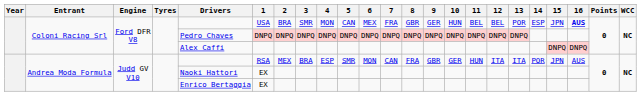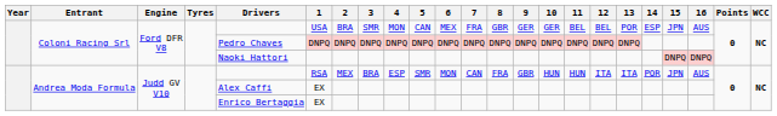 <table class="wikitable" style="text-align:center; font-size:90%">
 <tr>
 <th>Year</th>
 <th>Entrant</th>
 <th>Engine</th>
 <th>Tyres</th>
 <th>Drivers</th>
 <th>1</th>
 <th>2</th>
 <th>3</th>
 <th>4</th>
 <th>5</th>
 <th>6</th>
 <th>7</th>
 <th>8</th>
 <th>9</th>
 <th>10</th>
 <th>11</th>
 <th>12</th>
 <th>13</th>
 <th>14</th>
 <th>15</th>
 <th>16</th>
 <th>Points</th>
 <th>WCC</th>
 </tr>
 <tr>
 <th rowspan="3"></th>
 <td rowspan="3"><a href='#'>Coloni Racing Srl</a></td>
 <td rowspan="3"><a href='#'>Ford</a> DFR<br><a href='#'>V8</a></td>
 <td rowspan="3"></td>
 <td></td>
 <td><a href='#'>USA</a></td>
 <td><a href='#'>BRA</a></td>
 <td><a href='#'>SMR</a></td>
 <td><a href='#'>MON</a></td>
 <td><a href='#'>CAN</a></td>
 <td><a href='#'>MEX</a></td>
 <td><a href='#'>FRA</a></td>
 <td><a href='#'>GBR</a></td>
 <td><a href='#'>GER</a></td>
-<td><a href='#'>HUN</a></td>
+<td><a href='#'>GER</a></td>
 <td><a href='#'>BEL</a></td>
 <td><a href='#'>BEL</a></td>
 <td><a href='#'>POR</a></td>
 <td><a href='#'>ESP</a></td>
 <td><a href='#'>JPN</a></td>
-<td><strong><a href='#'>AUS</a></strong></td>
+<td><a href='#'>AUS</a></td>
 <td rowspan="3"><strong>0</strong></td>
 <td rowspan="3"><strong>NC</strong></td>
 </tr>
 <tr>
 <td align="left"><a href='#'>Pedro Chaves</a></td>
 <td style="background:#ffcfcf;">DNPQ</td>
 <td style="background:#ffcfcf;">DNPQ</td>
 <td style="background:#ffcfcf;">DNPQ</td>
 <td style="background:#ffcfcf;">DNPQ</td>
 <td style="background:#ffcfcf;">DNPQ</td>
 <td style="background:#ffcfcf;">DNPQ</td>
 <td style="background:#ffcfcf;">DNPQ</td>
 <td style="background:#ffcfcf;">DNPQ</td>
 <td style="background:#ffcfcf;">DNPQ</td>
 <td style="background:#ffcfcf;">DNPQ</td>
 <td style="background:#ffcfcf;">DNPQ</td>
 <td style="background:#ffcfcf;">DNPQ</td>
 <td style="background:#ffcfcf;">DNPQ</td>
 <td></td>
 <td></td>
 <td></td>
 </tr>
 <tr>
-<td align="left"><a href='#'>Alex Caffi</a></td>
+<td align="left"><a href='#'>Naoki Hattori</a></td>
 <td></td>
 <td></td>
 <td></td>
 <td></td>
 <td></td>
 <td></td>
 <td></td>
 <td></td>
 <td></td>
 <td></td>
 <td></td>
 <td></td>
 <td></td>
 <td></td>
 <td style="background:#ffcfcf;">DNPQ</td>
 <td style="background:#ffcfcf;">DNPQ</td>
 </tr>
 <tr>
 <th rowspan="3"></th>
 <td rowspan="3"><a href='#'>Andrea Moda Formula</a></td>
 <td rowspan="3"><a href='#'>Judd</a> GV<br><a href='#'>V10</a></td>
 <td rowspan="3"></td>
 <td></td>
 <td><a href='#'>RSA</a></td>
 <td><a href='#'>MEX</a></td>
 <td><a href='#'>BRA</a></td>
 <td><a href='#'>ESP</a></td>
 <td><a href='#'>SMR</a></td>
 <td><a href='#'>MON</a></td>
 <td><a href='#'>CAN</a></td>
 <td><a href='#'>FRA</a></td>
 <td><a href='#'>GBR</a></td>
-<td><a href='#'>GER</a></td>
+<td><a href='#'>HUN</a></td>
 <td><a href='#'>HUN</a></td>
 <td><a href='#'>ITA</a></td>
 <td><a href='#'>ITA</a></td>
 <td><a href='#'>POR</a></td>
 <td><a href='#'>JPN</a></td>
 <td><a href='#'>AUS</a></td>
 <td rowspan="3"><strong>0</strong></td>
 <td rowspan="3"><strong>NC</strong></td>
 </tr>
 <tr>
-<td align="left"><a href='#'>Naoki Hattori</a></td>
+<td align="left"><a href='#'>Alex Caffi</a></td>
 <td>EX</td>
 <td></td>
 <td></td>
 <td></td>
 <td></td>
 <td></td>
 <td></td>
 <td></td>
 <td></td>
 <td></td>
 <td></td>
 <td></td>
 <td></td>
 <td></td>
 <td></td>
 <td></td>
 </tr>
 <tr>
 <td align="left"><a href='#'>Enrico Bertaggia</a></td>
 <td>EX</td>
 <td></td>
 <td></td>
 <td></td>
 <td></td>
 <td></td>
 <td></td>
 <td></td>
 <td></td>
 <td></td>
 <td></td>
 <td></td>
 <td></td>
 <td></td>
 <td></td>
 <td></td>
 </tr>
 </table>
